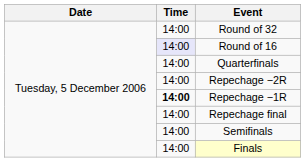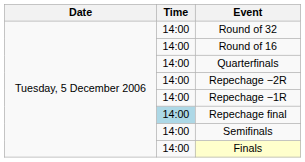 <table class = "wikitable" style="text-align:center;">
 <tr>
 <th width=220>Date</th>
 <th width=50>Time</th>
 <th width=150>Event</th>
 </tr>
 <tr>
 <td rowspan=8>Tuesday, 5 December 2006</td>
 <td>14:00</td>
 <td>Round of 32</td>
 </tr>
 <tr>
-<td style="background: lavender;">14:00</td>
+<td>14:00</td>
 <td>Round of 16</td>
 </tr>
 <tr>
 <td>14:00</td>
 <td>Quarterfinals</td>
 </tr>
 <tr>
 <td>14:00</td>
 <td>Repechage −2R</td>
 </tr>
 <tr>
-<td><strong>14:00</strong></td>
+<td>14:00</td>
 <td>Repechage −1R</td>
 </tr>
 <tr>
-<td>14:00</td>
+<td style="background: lightblue;">14:00</td>
 <td>Repechage final</td>
 </tr>
 <tr>
 <td>14:00</td>
 <td>Semifinals</td>
 </tr>
 <tr>
 <td>14:00</td>
 <td bgcolor=ffffcc>Finals</td>
 </tr>
 </table>
